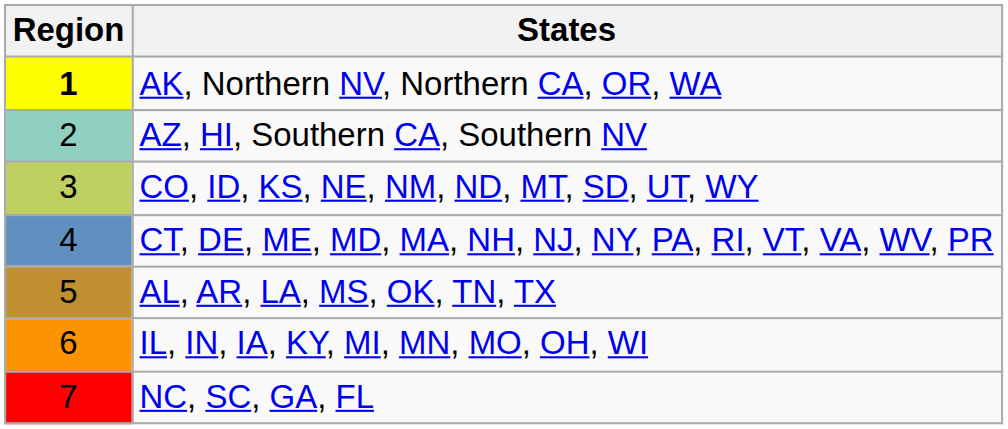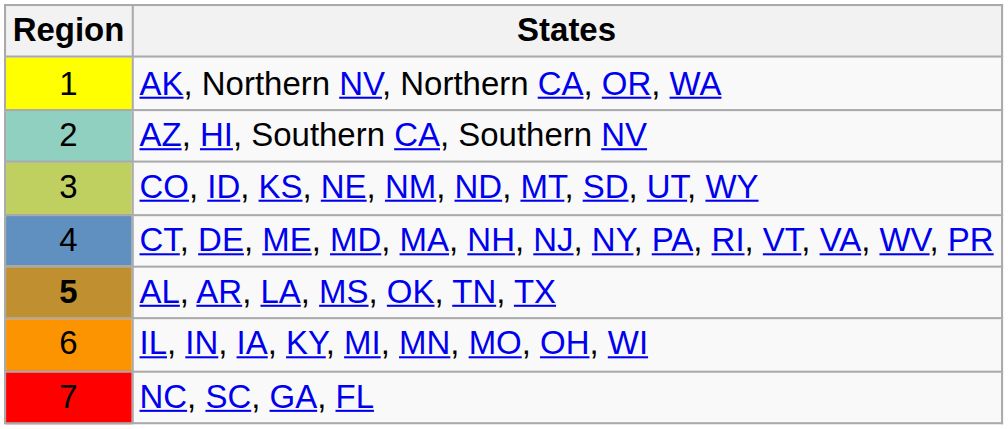 <table class="wikitable">
 <tr>
 <th>Region</th>
 <th>States</th>
 </tr>
 <tr>
-<td align="center" style="background:#FFFF00;"><strong>1</strong></td>
+<td align="center" style="background:#FFFF00;">1</td>
 <td><a href='#'>AK</a>, Northern <a href='#'>NV</a>, Northern <a href='#'>CA</a>, <a href='#'>OR</a>, <a href='#'>WA</a></td>
 </tr>
 <tr>
 <td align="center" style="background:#90D0C0;">2</td>
 <td><a href='#'>AZ</a>, <a href='#'>HI</a>, Southern <a href='#'>CA</a>, Southern <a href='#'>NV</a></td>
 </tr>
 <tr>
 <td align="center" style="background:#C0D060;">3</td>
 <td><a href='#'>CO</a>, <a href='#'>ID</a>, <a href='#'>KS</a>, <a href='#'>NE</a>, <a href='#'>NM</a>, <a href='#'>ND</a>, <a href='#'>MT</a>, <a href='#'>SD</a>, <a href='#'>UT</a>, <a href='#'>WY</a></td>
 </tr>
 <tr>
 <td align="center" style="background:#6090C0;">4</td>
 <td><a href='#'>CT</a>, <a href='#'>DE</a>, <a href='#'>ME</a>, <a href='#'>MD</a>, <a href='#'>MA</a>, <a href='#'>NH</a>, <a href='#'>NJ</a>, <a href='#'>NY</a>, <a href='#'>PA</a>, <a href='#'>RI</a>, <a href='#'>VT</a>, <a href='#'>VA</a>, <a href='#'>WV</a>, <a href='#'>PR</a></td>
 </tr>
 <tr>
-<td align="center" style="background:#C09030;">5</td>
+<td align="center" style="background:#C09030;"><strong>5</strong></td>
 <td><a href='#'>AL</a>, <a href='#'>AR</a>, <a href='#'>LA</a>, <a href='#'>MS</a>, <a href='#'>OK</a>, <a href='#'>TN</a>, <a href='#'>TX</a></td>
 </tr>
 <tr>
 <td align="center" style="background:#FC9300;">6</td>
 <td><a href='#'>IL</a>, <a href='#'>IN</a>, <a href='#'>IA</a>, <a href='#'>KY</a>, <a href='#'>MI</a>, <a href='#'>MN</a>, <a href='#'>MO</a>, <a href='#'>OH</a>, <a href='#'>WI</a></td>
 </tr>
 <tr>
 <td align="center" style="background:#FF0000;">7</td>
 <td><a href='#'>NC</a>, <a href='#'>SC</a>, <a href='#'>GA</a>, <a href='#'>FL</a></td>
 </tr>
 </table>
